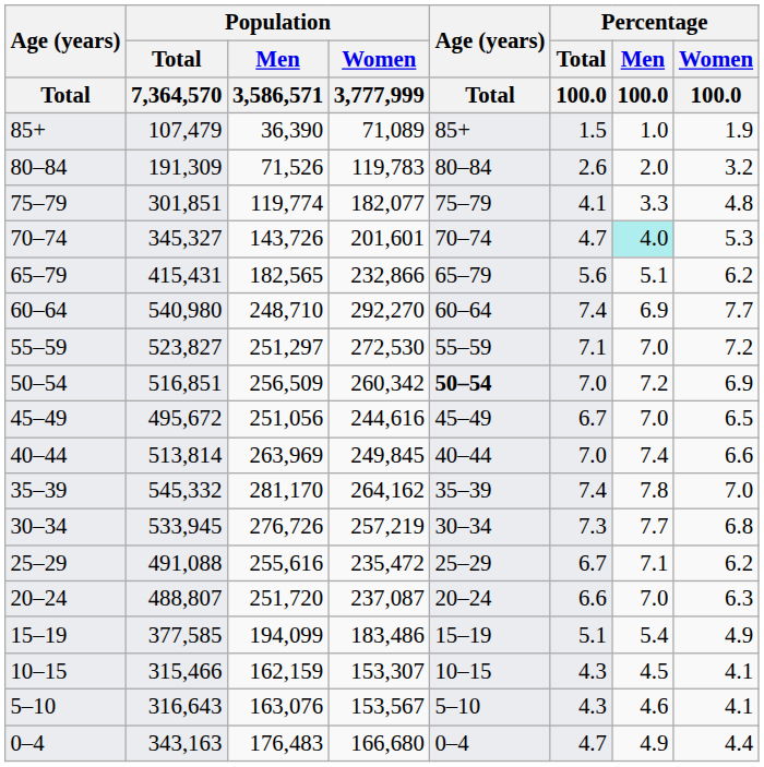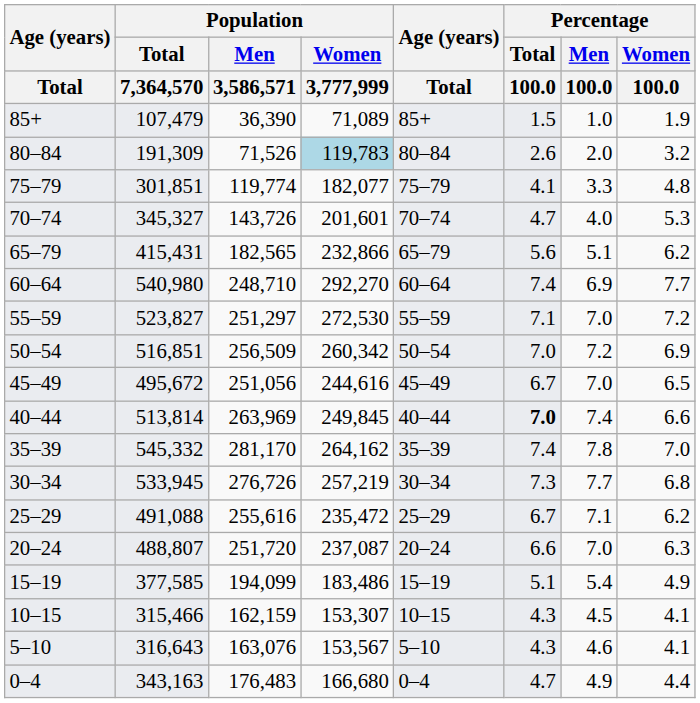 <table class="wikitable sortable" style="text-align:right;">
 <tr>
 <th rowspan="2">Age (years)</th>
 <th colspan="3">Population</th>
 <th rowspan="2">Age (years)</th>
 <th colspan="3">Percentage</th>
 </tr>
 <tr valign="top">
 <th>Total</th>
 <th><a href='#'>Men</a></th>
 <th><a href='#'>Women</a></th>
 <th>Total</th>
 <th><a href='#'>Men</a></th>
 <th><a href='#'>Women</a></th>
 </tr>
 <tr valign="top">
 <th align="center">Total</th>
 <th>7,364,570</th>
 <th>3,586,571</th>
 <th>3,777,999</th>
 <th>Total</th>
 <th>100.0</th>
 <th>100.0</th>
 <th>100.0</th>
 </tr>
 <tr>
 <td align="left" bgcolor="#eaecf0">85+</td>
 <td bgcolor="#eaecf0">107,479</td>
 <td>36,390</td>
 <td>71,089</td>
 <td align="left" bgcolor="#eaecf0">85+</td>
 <td bgcolor="#eaecf0">1.5</td>
 <td>1.0</td>
 <td>1.9</td>
 </tr>
 <tr>
 <td align="left" bgcolor="#eaecf0">80–84</td>
 <td bgcolor="#eaecf0">191,309</td>
 <td>71,526</td>
-<td>119,783</td>
+<td style="background: lightblue;">119,783</td>
 <td align="left" bgcolor="#eaecf0">80–84</td>
 <td bgcolor="#eaecf0">2.6</td>
 <td>2.0</td>
 <td>3.2</td>
 </tr>
 <tr>
 <td align="left" bgcolor="#eaecf0">75–79</td>
 <td bgcolor="#eaecf0">301,851</td>
 <td>119,774</td>
 <td>182,077</td>
 <td align="left" bgcolor="#eaecf0">75–79</td>
 <td bgcolor="#eaecf0">4.1</td>
 <td>3.3</td>
 <td>4.8</td>
 </tr>
 <tr>
 <td align="left" bgcolor="#eaecf0">70–74</td>
 <td bgcolor="#eaecf0">345,327</td>
 <td>143,726</td>
 <td>201,601</td>
 <td align="left" bgcolor="#eaecf0">70–74</td>
 <td bgcolor="#eaecf0">4.7</td>
-<td style="background: paleturquoise;">4.0</td>
+<td>4.0</td>
 <td>5.3</td>
 </tr>
 <tr>
 <td align="left" bgcolor="#eaecf0">65–79</td>
 <td bgcolor="#eaecf0">415,431</td>
 <td>182,565</td>
 <td>232,866</td>
 <td align="left" bgcolor="#eaecf0">65–79</td>
 <td bgcolor="#eaecf0">5.6</td>
 <td>5.1</td>
 <td>6.2</td>
 </tr>
 <tr>
 <td align="left" bgcolor="#eaecf0">60–64</td>
 <td bgcolor="#eaecf0">540,980</td>
 <td>248,710</td>
 <td>292,270</td>
 <td align="left" bgcolor="#eaecf0">60–64</td>
 <td bgcolor="#eaecf0">7.4</td>
 <td>6.9</td>
 <td>7.7</td>
 </tr>
 <tr>
 <td align="left" bgcolor="#eaecf0">55–59</td>
 <td bgcolor="#eaecf0">523,827</td>
 <td>251,297</td>
 <td>272,530</td>
 <td align="left" bgcolor="#eaecf0">55–59</td>
 <td bgcolor="#eaecf0">7.1</td>
 <td>7.0</td>
 <td>7.2</td>
 </tr>
 <tr>
 <td align="left" bgcolor="#eaecf0">50–54</td>
 <td bgcolor="#eaecf0">516,851</td>
 <td>256,509</td>
 <td>260,342</td>
-<td align="left" bgcolor="#eaecf0"><strong>50–54</strong></td>
+<td align="left" bgcolor="#eaecf0">50–54</td>
 <td bgcolor="#eaecf0">7.0</td>
 <td>7.2</td>
 <td>6.9</td>
 </tr>
 <tr>
 <td align="left" bgcolor="#eaecf0">45–49</td>
 <td bgcolor="#eaecf0">495,672</td>
 <td>251,056</td>
 <td>244,616</td>
 <td align="left" bgcolor="#eaecf0">45–49</td>
 <td bgcolor="#eaecf0">6.7</td>
 <td>7.0</td>
 <td>6.5</td>
 </tr>
 <tr>
 <td align="left" bgcolor="#eaecf0">40–44</td>
 <td bgcolor="#eaecf0">513,814</td>
 <td>263,969</td>
 <td>249,845</td>
 <td align="left" bgcolor="#eaecf0">40–44</td>
-<td bgcolor="#eaecf0">7.0</td>
+<td bgcolor="#eaecf0"><strong>7.0</strong></td>
 <td>7.4</td>
 <td>6.6</td>
 </tr>
 <tr>
 <td align="left" bgcolor="#eaecf0">35–39</td>
 <td bgcolor="#eaecf0">545,332</td>
 <td>281,170</td>
 <td>264,162</td>
 <td align="left" bgcolor="#eaecf0">35–39</td>
 <td bgcolor="#eaecf0">7.4</td>
 <td>7.8</td>
 <td>7.0</td>
 </tr>
 <tr>
 <td align="left" bgcolor="#eaecf0">30–34</td>
 <td bgcolor="#eaecf0">533,945</td>
 <td>276,726</td>
 <td>257,219</td>
 <td align="left" bgcolor="#eaecf0">30–34</td>
 <td bgcolor="#eaecf0">7.3</td>
 <td>7.7</td>
 <td>6.8</td>
 </tr>
 <tr>
 <td align="left" bgcolor="#eaecf0">25–29</td>
 <td bgcolor="#eaecf0">491,088</td>
 <td>255,616</td>
 <td>235,472</td>
 <td align="left" bgcolor="#eaecf0">25–29</td>
 <td bgcolor="#eaecf0">6.7</td>
 <td>7.1</td>
 <td>6.2</td>
 </tr>
 <tr>
 <td align="left" bgcolor="#eaecf0">20–24</td>
 <td bgcolor="#eaecf0">488,807</td>
 <td>251,720</td>
 <td>237,087</td>
 <td align="left" bgcolor="#eaecf0">20–24</td>
 <td bgcolor="#eaecf0">6.6</td>
 <td>7.0</td>
 <td>6.3</td>
 </tr>
 <tr>
 <td align="left" bgcolor="#eaecf0">15–19</td>
 <td bgcolor="#eaecf0">377,585</td>
 <td>194,099</td>
 <td>183,486</td>
 <td align="left" bgcolor="#eaecf0">15–19</td>
 <td bgcolor="#eaecf0">5.1</td>
 <td>5.4</td>
 <td>4.9</td>
 </tr>
 <tr>
 <td align="left" bgcolor="#eaecf0">10–15</td>
 <td bgcolor="#eaecf0">315,466</td>
 <td>162,159</td>
 <td>153,307</td>
 <td align="left" bgcolor="#eaecf0">10–15</td>
 <td bgcolor="#eaecf0">4.3</td>
 <td>4.5</td>
 <td>4.1</td>
 </tr>
 <tr>
 <td align="left" bgcolor="#eaecf0">5–10</td>
 <td bgcolor="#eaecf0">316,643</td>
 <td>163,076</td>
 <td>153,567</td>
 <td align="left" bgcolor="#eaecf0">5–10</td>
 <td bgcolor="#eaecf0">4.3</td>
 <td>4.6</td>
 <td>4.1</td>
 </tr>
 <tr>
 <td align="left" bgcolor="#eaecf0">0–4</td>
 <td bgcolor="#eaecf0">343,163</td>
 <td>176,483</td>
 <td>166,680</td>
 <td align="left" bgcolor="#eaecf0">0–4</td>
 <td bgcolor="#eaecf0">4.7</td>
 <td>4.9</td>
 <td>4.4</td>
 </tr>
 </table>
